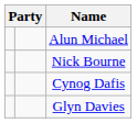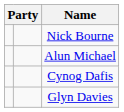 <table class="wikitable" style="text-align:center">
 <tr>
 <th colspan="2">Party</th>
 <th>Name</th>
 </tr>
 <tr>
 <td style="width: 4px"></td>
 <td style="text-align: left;" scope="row"><a href='#'></a></td>
-<td><a href='#'>Alun Michael</a><br></td>
+<td><a href='#'>Nick Bourne</a></td>
 </tr>
 <tr>
 <td style="width: 4px"></td>
 <td style="text-align: left;" scope="row"><a href='#'></a></td>
-<td><a href='#'>Nick Bourne</a></td>
+<td><a href='#'>Alun Michael</a><br></td>
 </tr>
 <tr>
 <td style="width: 4px"></td>
 <td style="text-align: left;" scope="row"><a href='#'></a></td>
 <td><a href='#'>Cynog Dafis</a></td>
 </tr>
 <tr>
 <td style="width: 4px"></td>
 <td style="text-align: left;" scope="row"><a href='#'></a></td>
 <td><a href='#'>Glyn Davies</a></td>
 </tr>
 </table>
